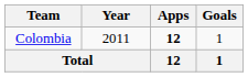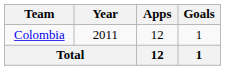 <table class="wikitable" style="text-align: center;">
 <tr>
 <th width="80">Team</th>
 <th width="70">Year</th>
 <th width="45">Apps</th>
 <th width="45">Goals</th>
 </tr>
 <tr>
 <td><a href='#'>Colombia</a></td>
 <td>2011</td>
-<td><strong>12</strong></td>
+<td>12</td>
 <td>1</td>
 </tr>
 <tr>
 <th colspan=2>Total</th>
 <th>12</th>
 <th>1</th>
 </tr>
 </table>
